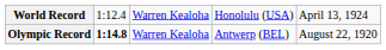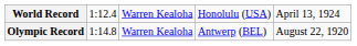 <table class="wikitable" style="font-size:95%;">
 <tr>
 <th>World Record</th>
 <td>1:12.4</td>
 <td> <a href='#'>Warren Kealoha</a></td>
 <td><a href='#'>Honolulu</a> (<a href='#'>USA</a>)</td>
 <td>April 13, 1924</td>
 </tr>
 <tr>
 <th>Olympic Record</th>
-<td><strong>1:14.8</strong></td>
+<td>1:14.8</td>
 <td> <a href='#'>Warren Kealoha</a></td>
 <td><a href='#'>Antwerp</a> (<a href='#'>BEL</a>)</td>
 <td>August 22, 1920</td>
 </tr>
 </table>
